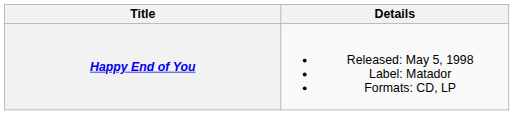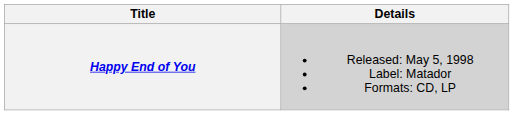 <table class="wikitable plainrowheaders" style="text-align:center;">
 <tr>
 <th scope="col" style="width:22em;">Title</th>
 <th scope="col" style="width:18em;">Details</th>
 </tr>
 <tr>
 <th scope="row"><em><a href='#'>Happy End of You</a></em></th>
-<td><br><ul><li>Released: May 5, 1998</li><li>Label: Matador</li><li>Formats: CD, LP</li></ul></td>
+<td style="background: lightgrey;"><br><ul><li>Released: May 5, 1998</li><li>Label: Matador</li><li>Formats: CD, LP</li></ul></td>
 </tr>
 </table>
